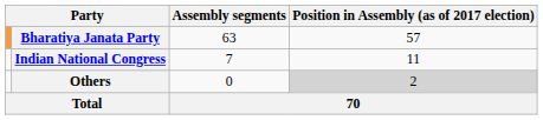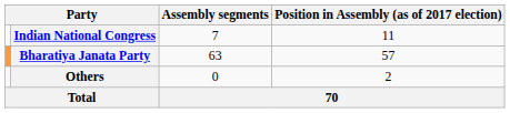 <table class="wikitable" style="text-align:center">
 <tr>
 <th colspan=2>Party</th>
 <th>Assembly segments</th>
 <th>Position in Assembly (as of 2017 election)</th>
+</tr>
+<tr>
+<td></td>
+<th><a href='#'>Indian National Congress</a></th>
+<td>7</td>
+<td>11</td>
 </tr>
 <tr>
 <td bgcolor=#FF9933></td>
 <th><a href='#'>Bharatiya Janata Party</a></th>
 <td>63</td>
 <td>57</td>
 </tr>
 <tr>
-<td></td>
-<th><a href='#'>Indian National Congress</a></th>
-<td>7</td>
-<td>11</td>
-</tr>
-<tr>
 <td bgcolor=#FAF8FA></td>
 <th>Others</th>
 <td>0</td>
-<td style="background: lightgrey;">2</td>
+<td>2</td>
 </tr>
 <tr>
 <th colspan=2>Total</th>
 <th colspan=2>70</th>
 </tr>
 </table>
